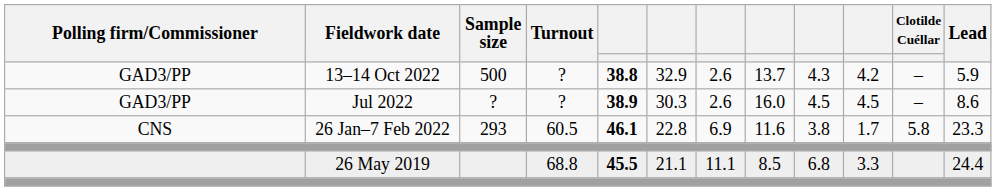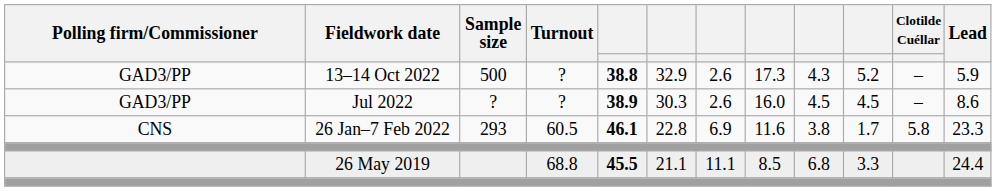 <table class="wikitable collapsible collapsed" style="text-align:center; font-size:95%; line-height:16px;">
 <tr style="height:42px;">
 <th style="width:250px;" rowspan="2">Polling firm/Commissioner</th>
 <th style="width:125px;" rowspan="2">Fieldwork date</th>
 <th style="width:50px;" rowspan="2">Sample size</th>
 <th style="width:45px;" rowspan="2">Turnout</th>
 <th style="width:35px;"></th>
 <th style="width:35px;"></th>
 <th style="width:35px;"></th>
 <th style="width:35px;"></th>
 <th style="width:35px;"></th>
 <th style="width:35px;"></th>
 <th style="width:35px; font-size:75%">Clotilde Cuéllar</th>
 <th style="width:30px;" rowspan="2">Lead</th>
 </tr>
 <tr>
 <th style="color:inherit;background:"></th>
 <th style="color:inherit;background:"></th>
 <th style="color:inherit;background:"></th>
 <th style="color:inherit;background:"></th>
 <th style="color:inherit;background:"></th>
 <th style="color:inherit;background:"></th>
 <th style="color:inherit;background:"></th>
 </tr>
 <tr>
 <td>GAD3/PP</td>
 <td>13–14 Oct 2022</td>
 <td>500</td>
 <td>?</td>
 <td><strong>38.8</strong><br></td>
 <td>32.9<br></td>
 <td>2.6<br></td>
-<td>13.7<br></td>
+<td>17.3<br></td>
 <td>4.3<br></td>
-<td>4.2<br></td>
+<td>5.2<br></td>
 <td>–</td>
 <td style="background:">5.9</td>
 </tr>
 <tr>
 <td>GAD3/PP</td>
 <td>Jul 2022</td>
 <td>?</td>
 <td>?</td>
 <td><strong>38.9</strong><br></td>
 <td>30.3<br></td>
 <td>2.6<br></td>
 <td>16.0<br></td>
 <td>4.5<br></td>
 <td>4.5<br></td>
 <td>–</td>
 <td style="background:">8.6</td>
 </tr>
 <tr>
 <td>CNS</td>
 <td>26 Jan–7 Feb 2022</td>
 <td>293</td>
 <td>60.5</td>
 <td><strong>46.1</strong><br></td>
 <td>22.8<br></td>
 <td>6.9<br></td>
 <td>11.6<br></td>
 <td>3.8<br></td>
 <td>1.7<br></td>
 <td>5.8<br></td>
 <td style="background:">23.3</td>
 </tr>
 <tr>
 <td colspan="12" style="background:#A0A0A0"></td>
 </tr>
 <tr style="background:#EFEFEF;">
 <td><strong></strong></td>
 <td>26 May 2019</td>
 <td></td>
 <td>68.8</td>
 <td><strong>45.5</strong><br></td>
 <td>21.1<br></td>
 <td>11.1<br></td>
 <td>8.5<br></td>
 <td>6.8<br></td>
 <td>3.3<br></td>
 <td></td>
 <td style="background:">24.4</td>
 </tr>
 <tr>
 <td colspan="12" style="background:#A0A0A0"></td>
 </tr>
 </table>
